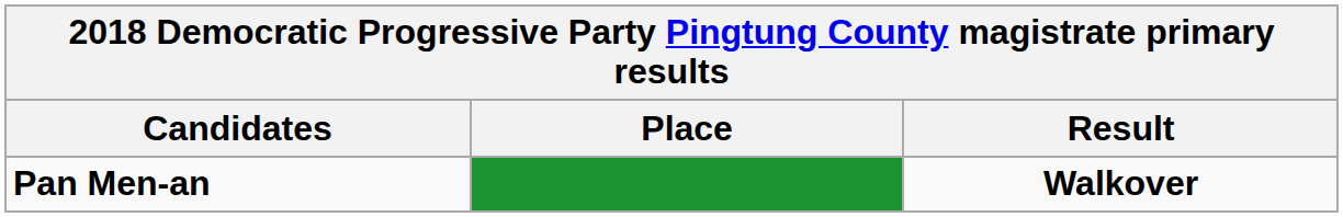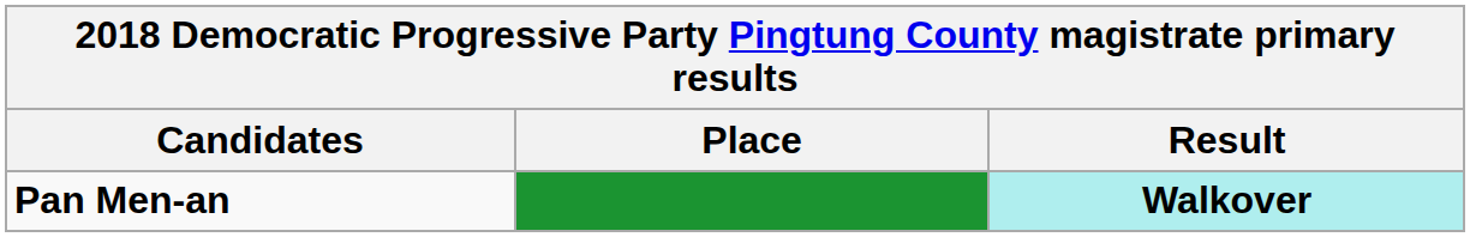 <table class="wikitable collapsible" style="margin:1em auto;">
 <tr>
 <th colspan="5" width=600>2018 Democratic Progressive Party <a href='#'>Pingtung County</a> magistrate primary results</th>
 </tr>
 <tr>
 <th width=80>Candidates</th>
 <th width=80>Place</th>
 <th width=80>Result</th>
 </tr>
 <tr>
 <td><strong>Pan Men-an</strong></td>
 <td style="background: #1B9431; text-align:center"><strong></strong></td>
-<td style="text-align:center"><strong>Walkover</strong></td>
+<td style="background: paleturquoise; text-align:center"><strong>Walkover</strong></td>
 </tr>
 </table>
